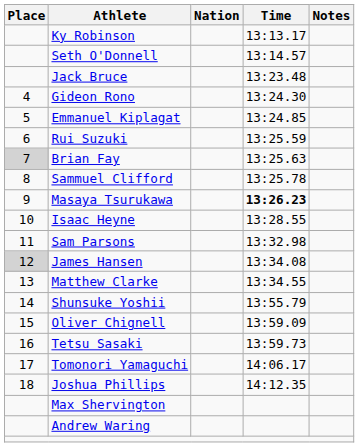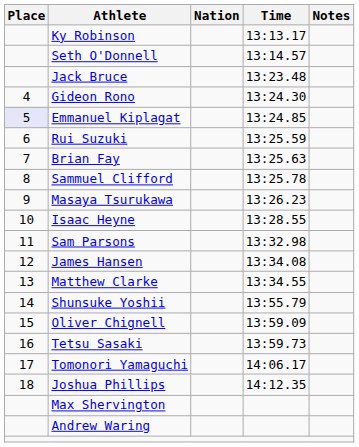 <table class="wikitable mw-datatable sortable" style="text-align:center;">
 <tr>
 <th scope="col">Place</th>
 <th scope="col">Athlete</th>
 <th scope="col">Nation</th>
 <th scope="col">Time</th>
 <th scope="col">Notes</th>
 </tr>
 <tr>
 <td></td>
 <td align="left"><a href='#'>Ky Robinson</a></td>
 <td align="left"></td>
 <td>13:13.17</td>
 <td></td>
 </tr>
 <tr>
 <td></td>
 <td align="left"><a href='#'>Seth O'Donnell</a></td>
 <td align="left"></td>
 <td>13:14.57</td>
 <td></td>
 </tr>
 <tr>
 <td></td>
 <td align="left"><a href='#'>Jack Bruce</a></td>
 <td align="left"></td>
 <td>13:23.48</td>
 <td></td>
 </tr>
 <tr>
 <td>4</td>
 <td align="left"><a href='#'>Gideon Rono</a></td>
 <td align="left"></td>
 <td>13:24.30</td>
 <td></td>
 </tr>
 <tr>
-<td>5</td>
+<td style="background: lavender;">5</td>
 <td align="left"><a href='#'>Emmanuel Kiplagat</a></td>
 <td align="left"></td>
 <td>13:24.85</td>
 <td></td>
 </tr>
 <tr>
 <td>6</td>
 <td align="left"><a href='#'>Rui Suzuki</a></td>
 <td align="left"></td>
 <td>13:25.59</td>
 <td></td>
 </tr>
 <tr>
-<td style="background: lightgrey;">7</td>
+<td>7</td>
 <td align="left"><a href='#'>Brian Fay</a></td>
 <td align="left"></td>
 <td>13:25.63</td>
 <td></td>
 </tr>
 <tr>
 <td>8</td>
 <td align="left"><a href='#'>Sammuel Clifford</a></td>
 <td align="left"></td>
 <td>13:25.78</td>
 <td></td>
 </tr>
 <tr>
 <td>9</td>
 <td align="left"><a href='#'>Masaya Tsurukawa</a></td>
 <td align="left"></td>
-<td><strong>13:26.23</strong></td>
+<td>13:26.23</td>
 <td></td>
 </tr>
 <tr>
 <td>10</td>
 <td align="left"><a href='#'>Isaac Heyne</a></td>
 <td align="left"></td>
 <td>13:28.55</td>
 <td></td>
 </tr>
 <tr>
 <td>11</td>
 <td align="left"><a href='#'>Sam Parsons</a></td>
 <td align="left"></td>
 <td>13:32.98</td>
 <td></td>
 </tr>
 <tr>
-<td style="background: lightgrey;">12</td>
+<td>12</td>
 <td align="left"><a href='#'>James Hansen</a></td>
 <td align="left"></td>
 <td>13:34.08</td>
 <td></td>
 </tr>
 <tr>
 <td>13</td>
 <td align="left"><a href='#'>Matthew Clarke</a></td>
 <td align="left"></td>
 <td>13:34.55</td>
 <td></td>
 </tr>
 <tr>
 <td>14</td>
 <td align="left"><a href='#'>Shunsuke Yoshii</a></td>
 <td align="left"></td>
 <td>13:55.79</td>
 <td></td>
 </tr>
 <tr>
 <td>15</td>
 <td align="left"><a href='#'>Oliver Chignell</a></td>
 <td align="left"></td>
 <td>13:59.09</td>
 <td></td>
 </tr>
 <tr>
 <td>16</td>
 <td align="left"><a href='#'>Tetsu Sasaki</a></td>
 <td align="left"></td>
 <td>13:59.73</td>
 <td></td>
 </tr>
 <tr>
 <td>17</td>
 <td align="left"><a href='#'>Tomonori Yamaguchi</a></td>
 <td align="left"></td>
 <td>14:06.17</td>
 <td></td>
 </tr>
 <tr>
 <td>18</td>
 <td align="left"><a href='#'>Joshua Phillips</a></td>
 <td align="left"></td>
 <td>14:12.35</td>
 <td></td>
 </tr>
 <tr>
 <td></td>
 <td align="left"><a href='#'>Max Shervington</a></td>
 <td align="left"></td>
 <td></td>
 <td></td>
 </tr>
 <tr>
 <td></td>
 <td align="left"><a href='#'>Andrew Waring</a></td>
 <td align="left"></td>
 <td></td>
 <td></td>
 </tr>
 <tr class="sortbottom">
 <td colspan="5"></td>
 </tr>
 </table>
